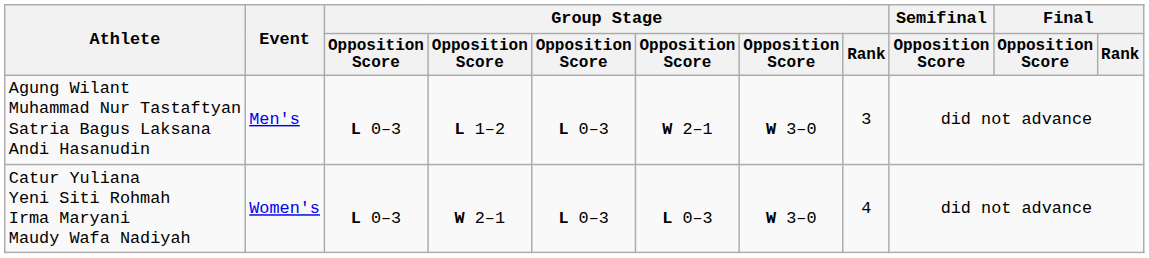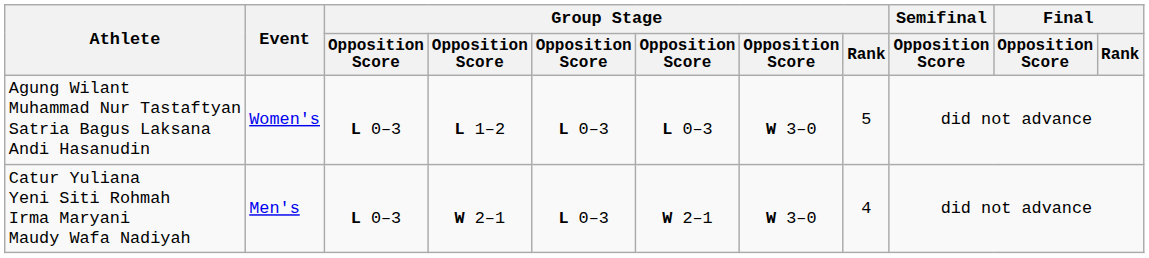 <table class=wikitable style=font-size:90%;text-align:center>
 <tr>
 <th rowspan="2">Athlete</th>
 <th rowspan="2">Event</th>
 <th colspan="6">Group Stage</th>
 <th>Semifinal</th>
 <th colspan="2">Final</th>
 </tr>
 <tr style="font-size:95%">
 <th>Opposition<br>Score</th>
 <th>Opposition<br>Score</th>
 <th>Opposition<br>Score</th>
 <th>Opposition<br>Score</th>
 <th>Opposition<br>Score</th>
 <th>Rank</th>
 <th>Opposition<br>Score</th>
 <th>Opposition<br>Score</th>
 <th>Rank</th>
 </tr>
 <tr>
 <td align=left>Agung Wilant<br>Muhammad Nur Tastaftyan<br>Satria Bagus Laksana<br>Andi Hasanudin</td>
-<td align=left><a href='#'>Men's</a></td>
+<td align=left><a href='#'>Women's</a></td>
 <td><br><strong>L</strong> 0–3</td>
 <td><br><strong>L</strong> 1–2</td>
 <td><br><strong>L</strong> 0–3</td>
-<td><br><strong>W</strong> 2–1</td>
+<td><br><strong>L</strong> 0–3</td>
 <td><br><strong>W</strong> 3–0</td>
-<td>3</td>
+<td>5</td>
 <td colspan=3>did not advance</td>
 </tr>
 <tr>
 <td align=left>Catur Yuliana<br>Yeni Siti Rohmah<br>Irma Maryani<br>Maudy Wafa Nadiyah</td>
-<td align=left><a href='#'>Women's</a></td>
+<td align=left><a href='#'>Men's</a></td>
 <td><br><strong>L</strong> 0–3</td>
 <td><br><strong>W</strong> 2–1</td>
 <td><br><strong>L</strong> 0–3</td>
-<td><br><strong>L</strong> 0–3</td>
+<td><br><strong>W</strong> 2–1</td>
 <td><br><strong>W</strong> 3–0</td>
 <td>4</td>
 <td colspan=3>did not advance</td>
 </tr>
 </table>
